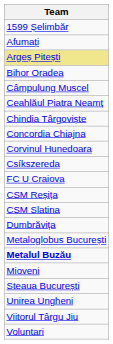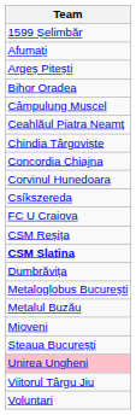 <table class="wikitable sortable" style="text-align: left;">
 <tr>
 <th>Team</th>
 </tr>
 <tr>
 <td><a href='#'>1599 Șelimbăr</a></td>
 </tr>
 <tr>
 <td><a href='#'>Afumați</a></td>
 </tr>
 <tr>
-<td style="background: khaki;"><a href='#'>Argeș Pitești</a></td>
+<td><a href='#'>Argeș Pitești</a></td>
 </tr>
 <tr>
 <td><a href='#'>Bihor Oradea</a></td>
 </tr>
 <tr>
 <td><a href='#'>Câmpulung Muscel</a></td>
 </tr>
 <tr>
 <td><a href='#'>Ceahlăul Piatra Neamț</a></td>
 </tr>
 <tr>
 <td><a href='#'>Chindia Târgoviște</a></td>
 </tr>
 <tr>
 <td><a href='#'>Concordia Chiajna</a></td>
 </tr>
 <tr>
 <td><a href='#'>Corvinul Hunedoara</a></td>
 </tr>
 <tr>
 <td><a href='#'>Csíkszereda</a></td>
 </tr>
 <tr>
 <td><a href='#'>FC U Craiova</a></td>
 </tr>
 <tr>
 <td><a href='#'>CSM Reșița</a></td>
 </tr>
 <tr>
-<td><a href='#'>CSM Slatina</a></td>
+<td><strong><a href='#'>CSM Slatina</a></strong></td>
 </tr>
 <tr>
 <td><a href='#'>Dumbrăvița</a></td>
 </tr>
 <tr>
 <td><a href='#'>Metaloglobus București</a></td>
 </tr>
 <tr>
-<td><strong><a href='#'>Metalul Buzău</a></strong></td>
+<td><a href='#'>Metalul Buzău</a></td>
 </tr>
 <tr>
 <td><a href='#'>Mioveni</a></td>
 </tr>
 <tr>
 <td><a href='#'>Steaua București</a></td>
 </tr>
 <tr>
-<td><a href='#'>Unirea Ungheni</a></td>
+<td style="background: pink;"><a href='#'>Unirea Ungheni</a></td>
 </tr>
 <tr>
 <td><a href='#'>Viitorul Târgu Jiu</a></td>
 </tr>
 <tr>
 <td><a href='#'>Voluntari</a></td>
 </tr>
 </table>
